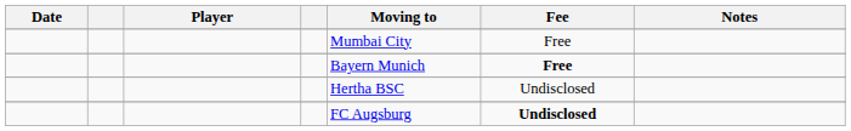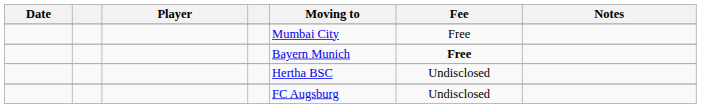 <table class="wikitable sortable">
 <tr>
 <th style="width:80px;">Date</th>
 <th style="width:30px;"></th>
 <th style="width:180px;">Player</th>
 <th style="width:20px;"></th>
 <th style="width:155px;">Moving to</th>
 <th style="width:155px;" class="unsortable">Fee</th>
 <th style="width:215px;" class="unsortable">Notes</th>
 </tr>
 <tr>
 </tr>
 <tr>
 <td></td>
 <td align=center></td>
 <td> </td>
 <td></td>
 <td> <a href='#'>Mumbai City</a></td>
 <td align=center>Free</td>
 <td align=center></td>
 </tr>
 <tr>
 </tr>
 <tr>
 <td></td>
 <td align=center></td>
 <td> </td>
 <td></td>
 <td> <a href='#'>Bayern Munich</a></td>
 <td align=center><strong>Free</strong></td>
 <td align=center></td>
 </tr>
 <tr>
 </tr>
 <tr>
 <td></td>
 <td align=center></td>
 <td> </td>
 <td></td>
 <td> <a href='#'>Hertha BSC</a></td>
 <td align=center>Undisclosed</td>
 <td align=center></td>
 </tr>
 <tr>
 </tr>
 <tr>
 <td></td>
 <td align=center></td>
 <td> </td>
 <td></td>
 <td> <a href='#'>FC Augsburg</a></td>
-<td align=center><strong>Undisclosed</strong></td>
+<td align=center>Undisclosed</td>
 <td align=center></td>
 </tr>
 </table>
